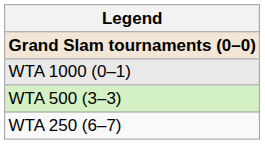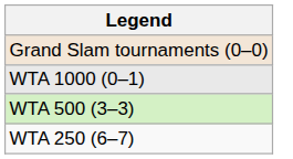 <table class=wikitable style="font-size:90%;">
 <tr>
 <th>Legend</th>
 </tr>
 <tr>
-<td style="background:#f3e6d7;"><strong>Grand Slam tournaments (0–0)</strong></td>
+<td style="background:#f3e6d7;">Grand Slam tournaments (0–0)</td>
 </tr>
 <tr>
 <td style="background:#e9e9e9;">WTA 1000 (0–1)</td>
 </tr>
 <tr>
 <td style="background:#d4f1c5;">WTA 500 (3–3)</td>
 </tr>
 <tr>
 <td>WTA 250 (6–7)</td>
 </tr>
 </table>
